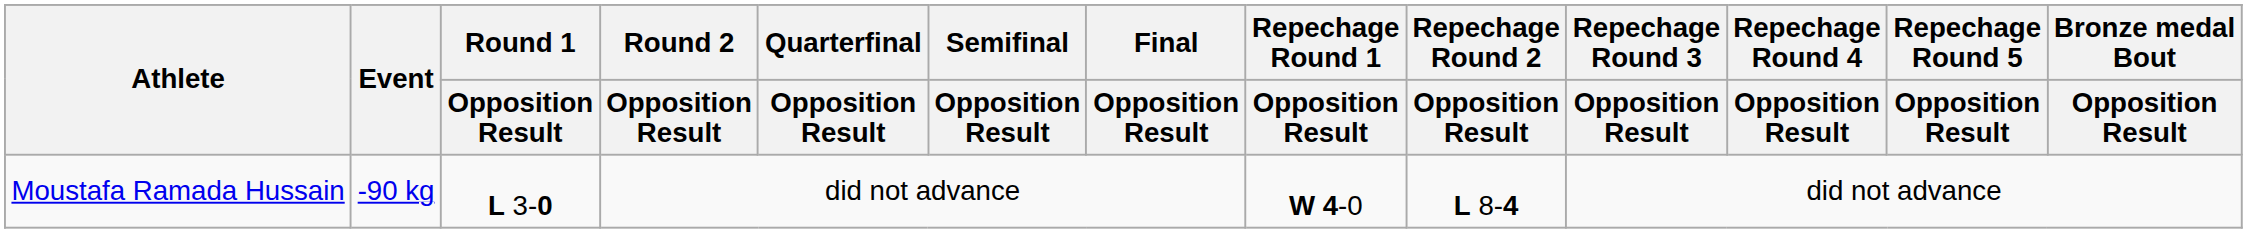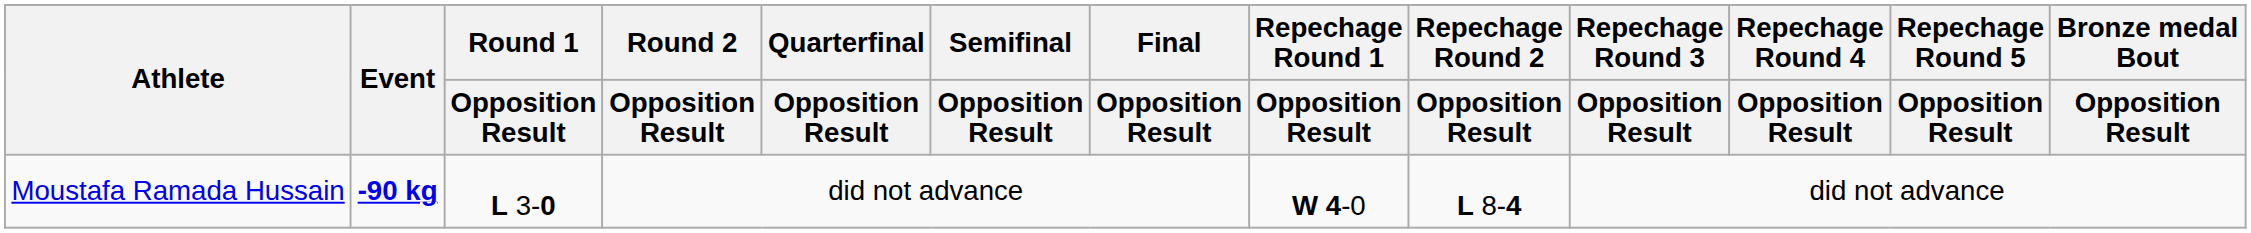 <table class=wikitable style=font-size:90%>
 <tr>
 <th rowspan=2>Athlete</th>
 <th rowspan=2>Event</th>
 <th>Round 1</th>
 <th>Round 2</th>
 <th>Quarterfinal</th>
 <th>Semifinal</th>
 <th>Final</th>
 <th>Repechage<br>Round 1</th>
 <th>Repechage<br>Round 2</th>
 <th>Repechage<br>Round 3</th>
 <th>Repechage<br>Round 4</th>
 <th>Repechage<br>Round 5</th>
 <th>Bronze medal<br>Bout</th>
 </tr>
 <tr>
 <th>Opposition<br>Result</th>
 <th>Opposition<br>Result</th>
 <th>Opposition<br>Result</th>
 <th>Opposition<br>Result</th>
 <th>Opposition<br>Result</th>
 <th>Opposition<br>Result</th>
 <th>Opposition<br>Result</th>
 <th>Opposition<br>Result</th>
 <th>Opposition<br>Result</th>
 <th>Opposition<br>Result</th>
 <th>Opposition<br>Result</th>
 </tr>
 <tr>
 <td><a href='#'>Moustafa Ramada Hussain</a></td>
-<td><a href='#'>-90 kg</a></td>
+<td><strong><a href='#'>-90 kg</a></strong></td>
 <td align=center><br><strong>L</strong> 3-<strong>0</strong></td>
 <td align=center colspan=4>did not advance</td>
 <td align=center><br><strong>W</strong> <strong>4</strong>-0</td>
 <td align=center><br><strong>L</strong> 8-<strong>4</strong></td>
 <td align=center colspan=4>did not advance</td>
 </tr>
 </table>
